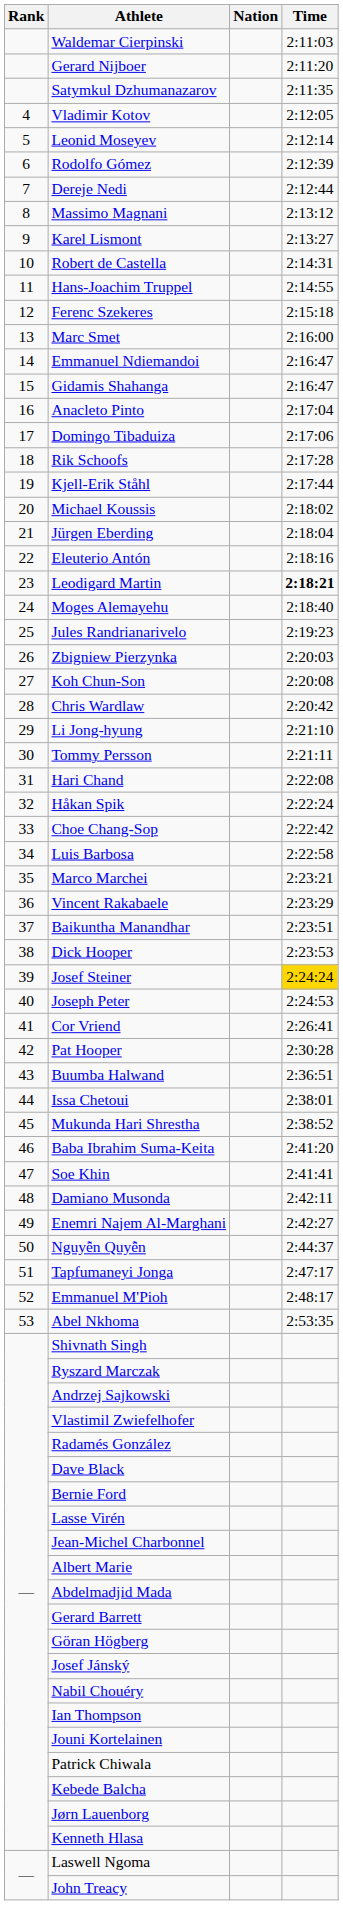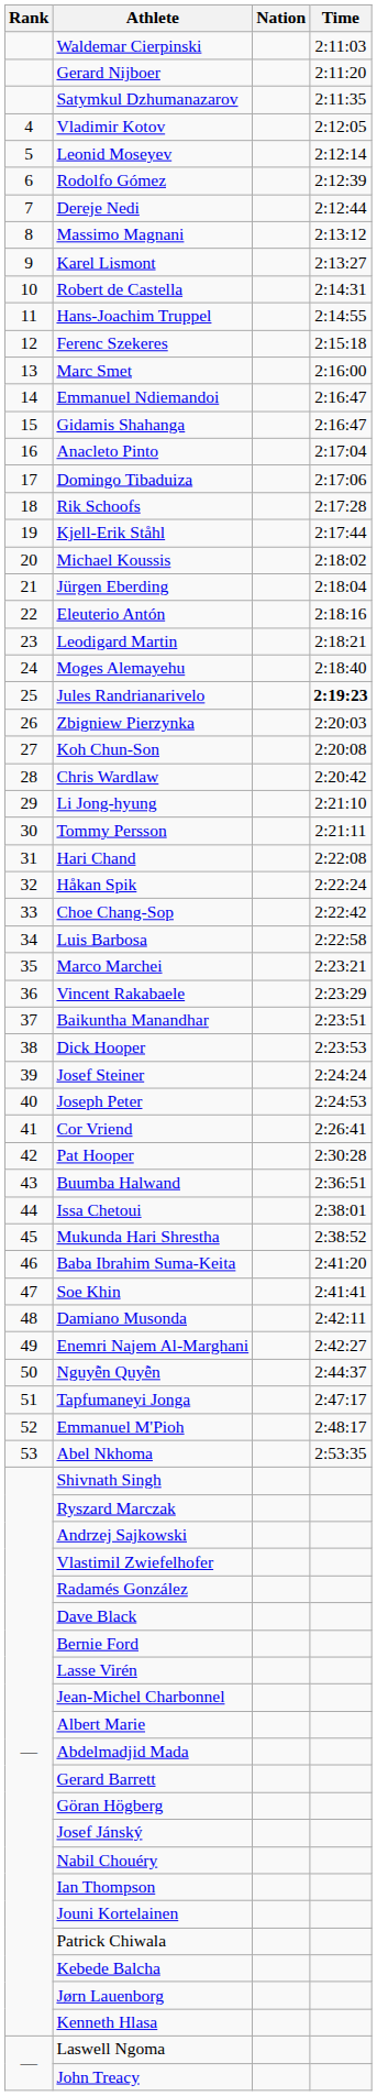 <table class="wikitable sortable" style="text-align:center">
 <tr>
 <th>Rank</th>
 <th>Athlete</th>
 <th>Nation</th>
 <th>Time</th>
 </tr>
 <tr>
 <td></td>
 <td align=left><a href='#'>Waldemar Cierpinski</a></td>
 <td align=left></td>
 <td>2:11:03</td>
 </tr>
 <tr>
 <td></td>
 <td align=left><a href='#'>Gerard Nijboer</a></td>
 <td align=left></td>
 <td>2:11:20</td>
 </tr>
 <tr>
 <td></td>
 <td align=left><a href='#'>Satymkul Dzhumanazarov</a></td>
 <td align=left></td>
 <td>2:11:35</td>
 </tr>
 <tr>
 <td>4</td>
 <td align=left><a href='#'>Vladimir Kotov</a></td>
 <td align=left></td>
 <td>2:12:05</td>
 </tr>
 <tr>
 <td>5</td>
 <td align=left><a href='#'>Leonid Moseyev</a></td>
 <td align=left></td>
 <td>2:12:14</td>
 </tr>
 <tr>
 <td>6</td>
 <td align=left><a href='#'>Rodolfo Gómez</a></td>
 <td align=left></td>
 <td>2:12:39</td>
 </tr>
 <tr>
 <td>7</td>
 <td align=left><a href='#'>Dereje Nedi</a></td>
 <td align=left></td>
 <td>2:12:44</td>
 </tr>
 <tr>
 <td>8</td>
 <td align=left><a href='#'>Massimo Magnani</a></td>
 <td align=left></td>
 <td>2:13:12</td>
 </tr>
 <tr>
 <td>9</td>
 <td align=left><a href='#'>Karel Lismont</a></td>
 <td align=left></td>
 <td>2:13:27</td>
 </tr>
 <tr>
 <td>10</td>
 <td align=left><a href='#'>Robert de Castella</a></td>
 <td align=left></td>
 <td>2:14:31</td>
 </tr>
 <tr>
 <td>11</td>
 <td align=left><a href='#'>Hans-Joachim Truppel</a></td>
 <td align=left></td>
 <td>2:14:55</td>
 </tr>
 <tr>
 <td>12</td>
 <td align=left><a href='#'>Ferenc Szekeres</a></td>
 <td align=left></td>
 <td>2:15:18</td>
 </tr>
 <tr>
 <td>13</td>
 <td align=left><a href='#'>Marc Smet</a></td>
 <td align=left></td>
 <td>2:16:00</td>
 </tr>
 <tr>
 <td>14</td>
 <td align=left><a href='#'>Emmanuel Ndiemandoi</a></td>
 <td align=left></td>
 <td>2:16:47</td>
 </tr>
 <tr>
 <td>15</td>
 <td align=left><a href='#'>Gidamis Shahanga</a></td>
 <td align=left></td>
 <td>2:16:47</td>
 </tr>
 <tr>
 <td>16</td>
 <td align=left><a href='#'>Anacleto Pinto</a></td>
 <td align=left></td>
 <td>2:17:04</td>
 </tr>
 <tr>
 <td>17</td>
 <td align=left><a href='#'>Domingo Tibaduiza</a></td>
 <td align=left></td>
 <td>2:17:06</td>
 </tr>
 <tr>
 <td>18</td>
 <td align=left><a href='#'>Rik Schoofs</a></td>
 <td align=left></td>
 <td>2:17:28</td>
 </tr>
 <tr>
 <td>19</td>
 <td align=left><a href='#'>Kjell-Erik Ståhl</a></td>
 <td align=left></td>
 <td>2:17:44</td>
 </tr>
 <tr>
 <td>20</td>
 <td align=left><a href='#'>Michael Koussis</a></td>
 <td align=left></td>
 <td>2:18:02</td>
 </tr>
 <tr>
 <td>21</td>
 <td align=left><a href='#'>Jürgen Eberding</a></td>
 <td align=left></td>
 <td>2:18:04</td>
 </tr>
 <tr>
 <td>22</td>
 <td align=left><a href='#'>Eleuterio Antón</a></td>
 <td align=left></td>
 <td>2:18:16</td>
 </tr>
 <tr>
 <td>23</td>
 <td align=left><a href='#'>Leodigard Martin</a></td>
 <td align=left></td>
-<td><strong>2:18:21</strong></td>
+<td>2:18:21</td>
 </tr>
 <tr>
 <td>24</td>
 <td align=left><a href='#'>Moges Alemayehu</a></td>
 <td align=left></td>
 <td>2:18:40</td>
 </tr>
 <tr>
 <td>25</td>
 <td align=left><a href='#'>Jules Randrianarivelo</a></td>
 <td align=left></td>
-<td>2:19:23</td>
+<td><strong>2:19:23</strong></td>
 </tr>
 <tr>
 <td>26</td>
 <td align=left><a href='#'>Zbigniew Pierzynka</a></td>
 <td align=left></td>
 <td>2:20:03</td>
 </tr>
 <tr>
 <td>27</td>
 <td align=left><a href='#'>Koh Chun-Son</a></td>
 <td align=left></td>
 <td>2:20:08</td>
 </tr>
 <tr>
 <td>28</td>
 <td align=left><a href='#'>Chris Wardlaw</a></td>
 <td align=left></td>
 <td>2:20:42</td>
 </tr>
 <tr>
 <td>29</td>
 <td align=left><a href='#'>Li Jong-hyung</a></td>
 <td align=left></td>
 <td>2:21:10</td>
 </tr>
 <tr>
 <td>30</td>
 <td align=left><a href='#'>Tommy Persson</a></td>
 <td align=left></td>
 <td>2:21:11</td>
 </tr>
 <tr>
 <td>31</td>
 <td align=left><a href='#'>Hari Chand</a></td>
 <td align=left></td>
 <td>2:22:08</td>
 </tr>
 <tr>
 <td>32</td>
 <td align=left><a href='#'>Håkan Spik</a></td>
 <td align=left></td>
 <td>2:22:24</td>
 </tr>
 <tr>
 <td>33</td>
 <td align=left><a href='#'>Choe Chang-Sop</a></td>
 <td align=left></td>
 <td>2:22:42</td>
 </tr>
 <tr>
 <td>34</td>
 <td align=left><a href='#'>Luis Barbosa</a></td>
 <td align=left></td>
 <td>2:22:58</td>
 </tr>
 <tr>
 <td>35</td>
 <td align=left><a href='#'>Marco Marchei</a></td>
 <td align=left></td>
 <td>2:23:21</td>
 </tr>
 <tr>
 <td>36</td>
 <td align=left><a href='#'>Vincent Rakabaele</a></td>
 <td align=left></td>
 <td>2:23:29</td>
 </tr>
 <tr>
 <td>37</td>
 <td align=left><a href='#'>Baikuntha Manandhar</a></td>
 <td align=left></td>
 <td>2:23:51</td>
 </tr>
 <tr>
 <td>38</td>
 <td align=left><a href='#'>Dick Hooper</a></td>
 <td align=left></td>
 <td>2:23:53</td>
 </tr>
 <tr>
 <td>39</td>
 <td align=left><a href='#'>Josef Steiner</a></td>
 <td align=left></td>
-<td style="background: gold;">2:24:24</td>
+<td>2:24:24</td>
 </tr>
 <tr>
 <td>40</td>
 <td align=left><a href='#'>Joseph Peter</a></td>
 <td align=left></td>
 <td>2:24:53</td>
 </tr>
 <tr>
 <td>41</td>
 <td align=left><a href='#'>Cor Vriend</a></td>
 <td align=left></td>
 <td>2:26:41</td>
 </tr>
 <tr>
 <td>42</td>
 <td align=left><a href='#'>Pat Hooper</a></td>
 <td align=left></td>
 <td>2:30:28</td>
 </tr>
 <tr>
 <td>43</td>
 <td align=left><a href='#'>Buumba Halwand</a></td>
 <td align=left></td>
 <td>2:36:51</td>
 </tr>
 <tr>
 <td>44</td>
 <td align=left><a href='#'>Issa Chetoui</a></td>
 <td align=left></td>
 <td>2:38:01</td>
 </tr>
 <tr>
 <td>45</td>
 <td align=left><a href='#'>Mukunda Hari Shrestha</a></td>
 <td align=left></td>
 <td>2:38:52</td>
 </tr>
 <tr>
 <td>46</td>
 <td align=left><a href='#'>Baba Ibrahim Suma-Keita</a></td>
 <td align=left></td>
 <td>2:41:20</td>
 </tr>
 <tr>
 <td>47</td>
 <td align=left><a href='#'>Soe Khin</a></td>
 <td align=left></td>
 <td>2:41:41</td>
 </tr>
 <tr>
 <td>48</td>
 <td align=left><a href='#'>Damiano Musonda</a></td>
 <td align=left></td>
 <td>2:42:11</td>
 </tr>
 <tr>
 <td>49</td>
 <td align=left><a href='#'>Enemri Najem Al-Marghani</a></td>
 <td align=left></td>
 <td>2:42:27</td>
 </tr>
 <tr>
 <td>50</td>
 <td align=left><a href='#'>Nguyễn Quyễn</a></td>
 <td align=left></td>
 <td>2:44:37</td>
 </tr>
 <tr>
 <td>51</td>
 <td align=left><a href='#'>Tapfumaneyi Jonga</a></td>
 <td align=left></td>
 <td>2:47:17</td>
 </tr>
 <tr>
 <td>52</td>
 <td align=left><a href='#'>Emmanuel M'Pioh</a></td>
 <td align=left></td>
 <td>2:48:17</td>
 </tr>
 <tr>
 <td>53</td>
 <td align=left><a href='#'>Abel Nkhoma</a></td>
 <td align=left></td>
 <td>2:53:35</td>
 </tr>
 <tr>
 <td rowspan=21 data-sort-value=54>—</td>
 <td align=left><a href='#'>Shivnath Singh</a></td>
 <td align=left></td>
 <td data-sort-value=4:00:00></td>
 </tr>
 <tr>
 <td align=left><a href='#'>Ryszard Marczak</a></td>
 <td align=left></td>
 <td data-sort-value=4:00:00></td>
 </tr>
 <tr>
 <td align=left><a href='#'>Andrzej Sajkowski</a></td>
 <td align=left></td>
 <td data-sort-value=4:00:00></td>
 </tr>
 <tr>
 <td align=left><a href='#'>Vlastimil Zwiefelhofer</a></td>
 <td align=left></td>
 <td data-sort-value=4:00:00></td>
 </tr>
 <tr>
 <td align=left><a href='#'>Radamés González</a></td>
 <td align=left></td>
 <td data-sort-value=4:00:00></td>
 </tr>
 <tr>
 <td align=left><a href='#'>Dave Black</a></td>
 <td align=left></td>
 <td data-sort-value=4:00:00></td>
 </tr>
 <tr>
 <td align=left><a href='#'>Bernie Ford</a></td>
 <td align=left></td>
 <td data-sort-value=4:00:00></td>
 </tr>
 <tr>
 <td align=left><a href='#'>Lasse Virén</a></td>
 <td align=left></td>
 <td data-sort-value=4:00:00></td>
 </tr>
 <tr>
 <td align=left><a href='#'>Jean-Michel Charbonnel</a></td>
 <td align=left></td>
 <td data-sort-value=4:00:00></td>
 </tr>
 <tr>
 <td align=left><a href='#'>Albert Marie</a></td>
 <td align=left></td>
 <td data-sort-value=4:00:00></td>
 </tr>
 <tr>
 <td align=left><a href='#'>Abdelmadjid Mada</a></td>
 <td align=left></td>
 <td data-sort-value=4:00:00></td>
 </tr>
 <tr>
 <td align=left><a href='#'>Gerard Barrett</a></td>
 <td align=left></td>
 <td data-sort-value=4:00:00></td>
 </tr>
 <tr>
 <td align=left><a href='#'>Göran Högberg</a></td>
 <td align=left></td>
 <td data-sort-value=4:00:00></td>
 </tr>
 <tr>
 <td align=left><a href='#'>Josef Jánský</a></td>
 <td align=left></td>
 <td data-sort-value=4:00:00></td>
 </tr>
 <tr>
 <td align=left><a href='#'>Nabil Chouéry</a></td>
 <td align=left></td>
 <td data-sort-value=4:00:00></td>
 </tr>
 <tr>
 <td align=left><a href='#'>Ian Thompson</a></td>
 <td align=left></td>
 <td data-sort-value=4:00:00></td>
 </tr>
 <tr>
 <td align=left><a href='#'>Jouni Kortelainen</a></td>
 <td align=left></td>
 <td data-sort-value=4:00:00></td>
 </tr>
 <tr>
 <td align=left>Patrick Chiwala</td>
 <td align=left></td>
 <td data-sort-value=4:00:00></td>
 </tr>
 <tr>
 <td align=left><a href='#'>Kebede Balcha</a></td>
 <td align=left></td>
 <td data-sort-value=4:00:00></td>
 </tr>
 <tr>
 <td align=left><a href='#'>Jørn Lauenborg</a></td>
 <td align=left></td>
 <td data-sort-value=4:00:00></td>
 </tr>
 <tr>
 <td align=left><a href='#'>Kenneth Hlasa</a></td>
 <td align=left></td>
 <td data-sort-value=4:00:00></td>
 </tr>
 <tr>
 <td rowspan=2 data-sort-value=75>—</td>
 <td align=left>Laswell Ngoma</td>
 <td align=left></td>
 <td data-sort-value=9:00:00></td>
 </tr>
 <tr>
 <td align=left><a href='#'>John Treacy</a></td>
 <td align=left></td>
 <td data-sort-value=9:00:00></td>
 </tr>
 </table>
